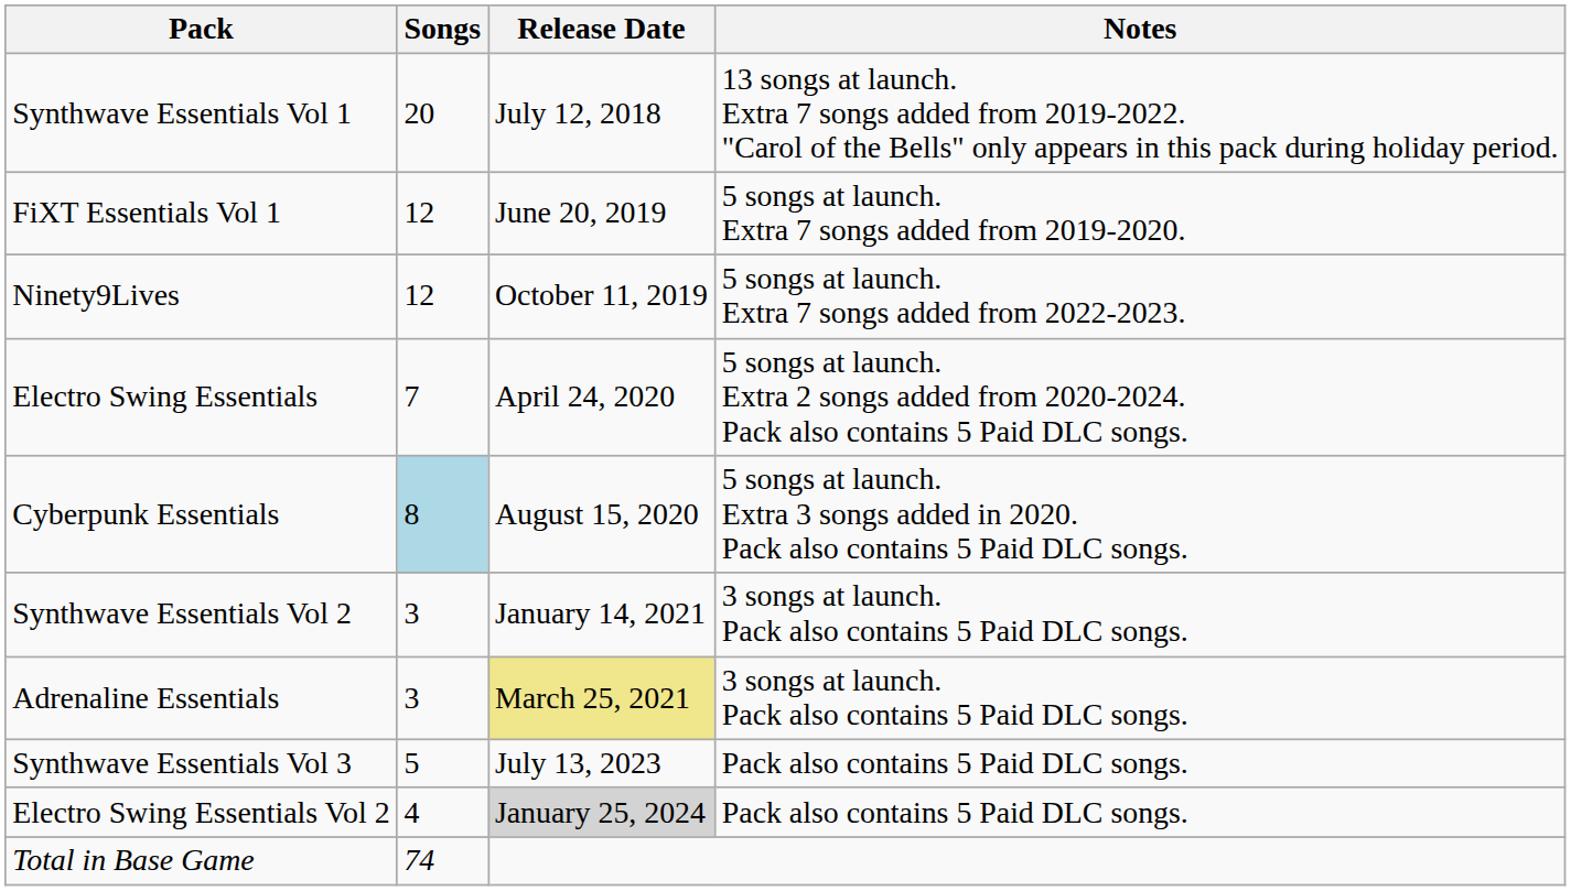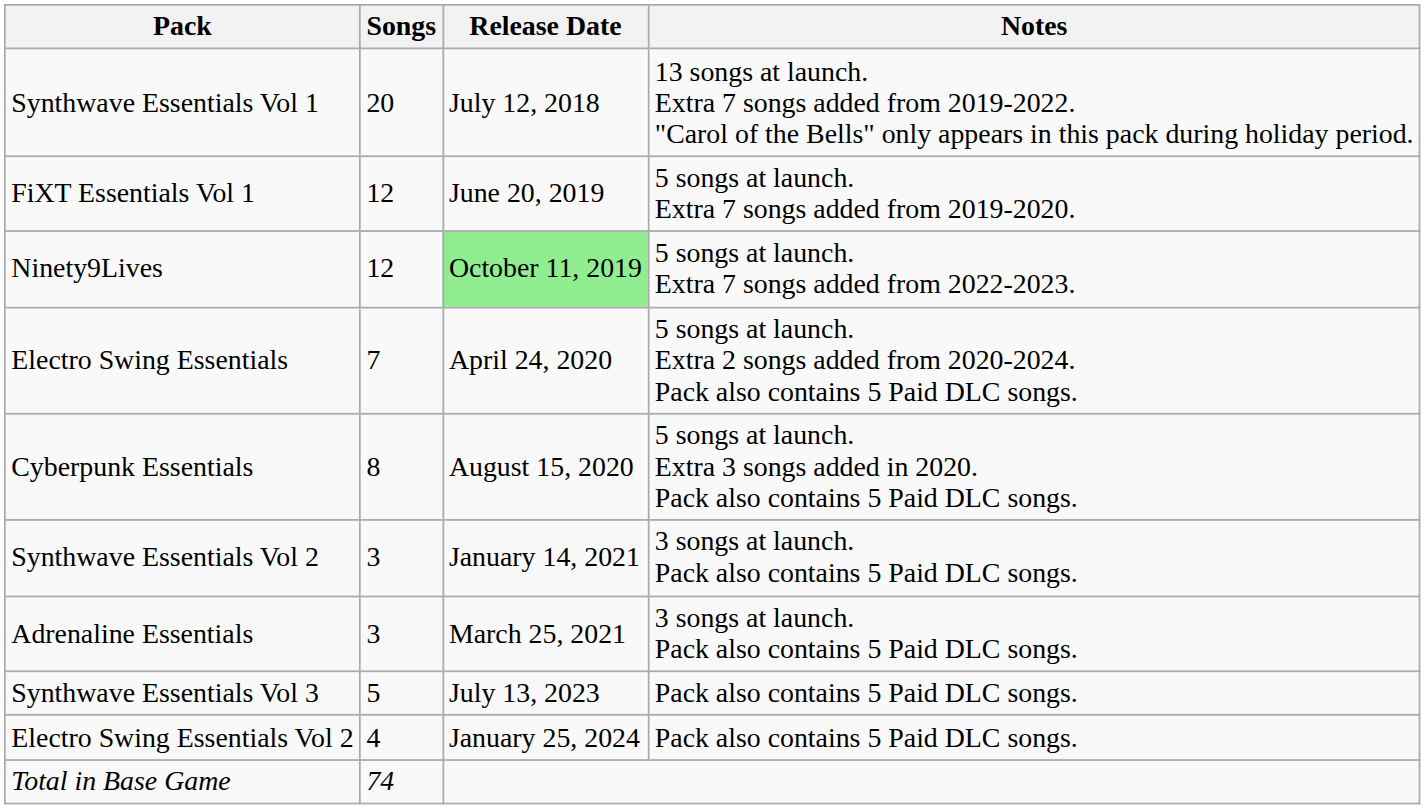 <table class="wikitable mw-collapsible">
 <tr>
 <th>Pack</th>
 <th>Songs</th>
 <th>Release Date</th>
 <th>Notes</th>
 </tr>
 <tr>
 <td>Synthwave Essentials Vol 1</td>
 <td>20</td>
 <td>July 12, 2018</td>
 <td>13 songs at launch.<br>Extra 7 songs added from 2019-2022.<br>"Carol of the Bells" only appears in this pack during holiday period. </td>
 </tr>
 <tr>
 <td>FiXT Essentials Vol 1</td>
 <td>12</td>
 <td>June 20, 2019 </td>
 <td>5 songs at launch.<br>Extra 7 songs added from 2019-2020.</td>
 </tr>
 <tr>
 <td>Ninety9Lives</td>
 <td>12</td>
-<td>October 11, 2019 </td>
+<td style="background: lightgreen;">October 11, 2019 </td>
 <td>5 songs at launch.<br>Extra 7 songs added from 2022-2023.</td>
 </tr>
 <tr>
 <td>Electro Swing Essentials</td>
 <td>7</td>
 <td>April 24, 2020 </td>
 <td>5 songs at launch.<br>Extra 2 songs added from 2020-2024.<br>Pack also contains 5 Paid DLC songs.</td>
 </tr>
 <tr>
 <td>Cyberpunk Essentials</td>
-<td style="background: lightblue;">8</td>
+<td>8</td>
 <td>August 15, 2020 </td>
 <td>5 songs at launch.<br>Extra 3 songs added in 2020.<br>Pack also contains 5 Paid DLC songs.</td>
 </tr>
 <tr>
 <td>Synthwave Essentials Vol 2</td>
 <td>3</td>
 <td>January 14, 2021 </td>
 <td>3 songs at launch.<br>Pack also contains 5 Paid DLC songs.</td>
 </tr>
 <tr>
 <td>Adrenaline Essentials</td>
 <td>3</td>
-<td style="background: khaki;">March 25, 2021 </td>
+<td>March 25, 2021 </td>
 <td>3 songs at launch.<br>Pack also contains 5 Paid DLC songs.</td>
 </tr>
 <tr>
 <td>Synthwave Essentials Vol 3</td>
 <td>5</td>
 <td>July 13, 2023 </td>
 <td>Pack also contains 5 Paid DLC songs.</td>
 </tr>
 <tr>
 <td>Electro Swing Essentials Vol 2</td>
 <td>4</td>
-<td style="background: lightgrey;">January 25, 2024 </td>
+<td>January 25, 2024 </td>
 <td>Pack also contains 5 Paid DLC songs.</td>
 </tr>
 <tr>
 <td><em>Total in Base Game</em></td>
 <td><em>74</em></td>
 <td colspan="2"></td>
 </tr>
 </table>
